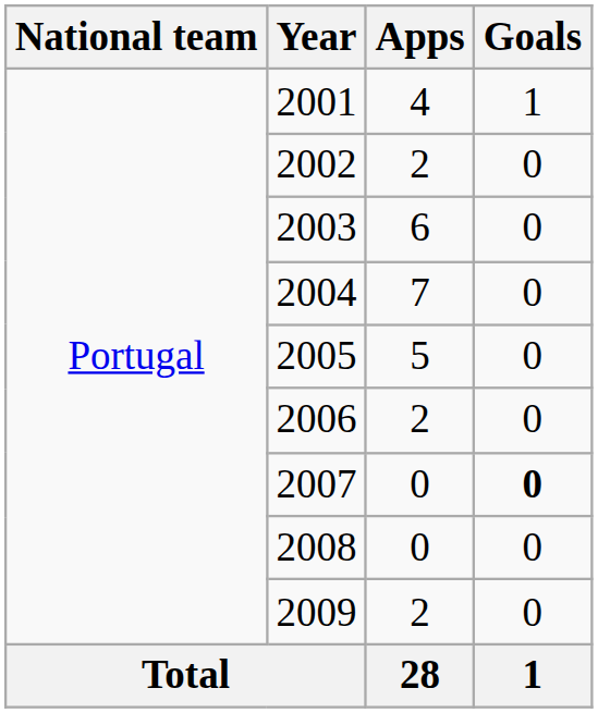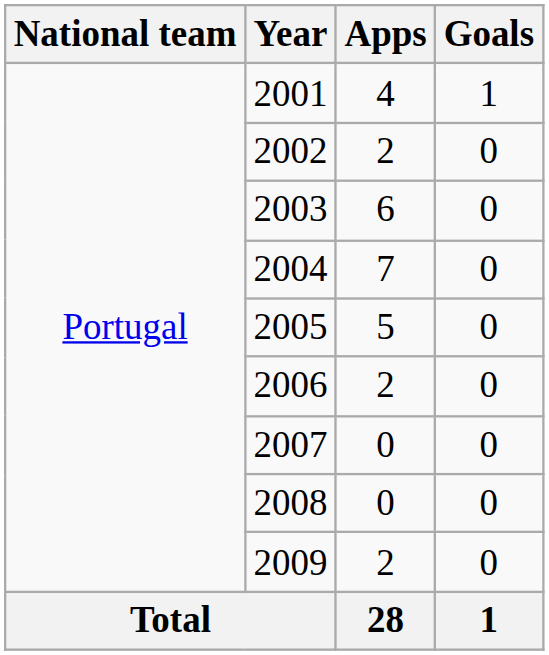 <table class="wikitable" style="text-align:center">
 <tr>
 <th>National team</th>
 <th>Year</th>
 <th>Apps</th>
 <th>Goals</th>
 </tr>
 <tr>
 <td rowspan="9“"><a href='#'>Portugal</a></td>
 <td>2001</td>
 <td>4</td>
 <td>1</td>
 </tr>
 <tr>
 <td>2002</td>
 <td>2</td>
 <td>0</td>
 </tr>
 <tr>
 <td>2003</td>
 <td>6</td>
 <td>0</td>
 </tr>
 <tr>
 <td>2004</td>
 <td>7</td>
 <td>0</td>
 </tr>
 <tr>
 <td>2005</td>
 <td>5</td>
 <td>0</td>
 </tr>
 <tr>
 <td>2006</td>
 <td>2</td>
 <td>0</td>
 </tr>
 <tr>
 <td>2007</td>
 <td>0</td>
-<td><strong>0</strong></td>
+<td>0</td>
 </tr>
 <tr>
 <td>2008</td>
 <td>0</td>
 <td>0</td>
 </tr>
 <tr>
 <td>2009</td>
 <td>2</td>
 <td>0</td>
 </tr>
 <tr>
 <th colspan="2">Total</th>
 <th>28</th>
 <th>1</th>
 </tr>
 </table>
